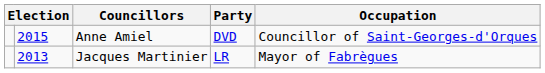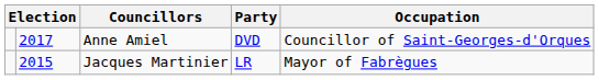 <table class="wikitable">
 <tr>
 <th colspan="2">Election</th>
 <th>Councillors</th>
 <th>Party</th>
 <th>Occupation</th>
 </tr>
 <tr>
 <td style="background-color: "></td>
-<td><a href='#'>2015</a></td>
+<td><a href='#'>2017</a></td>
 <td>Anne Amiel</td>
 <td><a href='#'>DVD</a></td>
 <td>Councillor of <a href='#'>Saint-Georges-d'Orques</a></td>
 </tr>
 <tr>
 <td style="background-color: "></td>
-<td><a href='#'>2013</a></td>
+<td><a href='#'>2015</a></td>
 <td>Jacques Martinier</td>
 <td><a href='#'>LR</a></td>
 <td>Mayor of <a href='#'>Fabrègues</a></td>
 </tr>
 </table>
